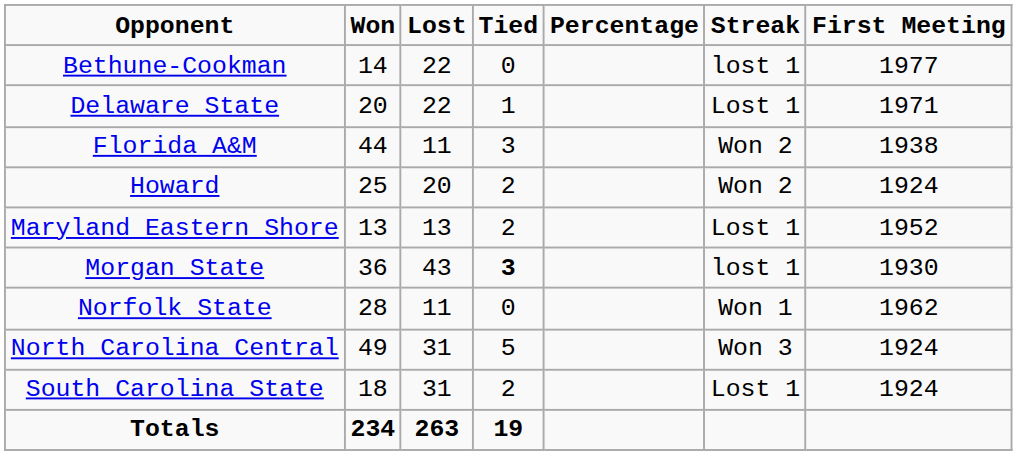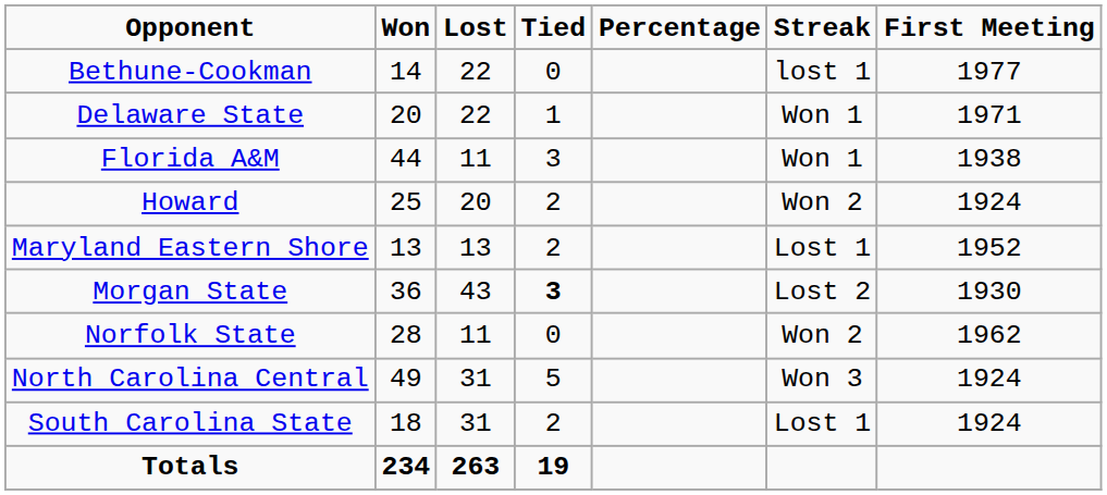 <table class="wikitable" style="text-align:center">
 <tr>
 <td><strong>Opponent</strong></td>
 <td><strong>Won</strong></td>
 <td><strong> Lost</strong></td>
 <td><strong>Tied</strong></td>
 <td><strong>Percentage</strong></td>
 <td><strong>Streak</strong></td>
 <td><strong>First Meeting</strong></td>
 </tr>
 <tr>
 <td><a href='#'>Bethune-Cookman</a></td>
 <td>14</td>
 <td>22</td>
 <td>0</td>
 <td></td>
 <td>lost 1</td>
 <td>1977</td>
 </tr>
 <tr>
 <td><a href='#'>Delaware State</a></td>
 <td>20</td>
 <td>22</td>
 <td>1</td>
 <td></td>
-<td>Lost 1</td>
+<td>Won 1</td>
 <td>1971</td>
 </tr>
 <tr>
 <td><a href='#'>Florida A&M</a></td>
 <td>44</td>
 <td>11</td>
 <td>3</td>
 <td></td>
-<td>Won 2</td>
+<td>Won 1</td>
 <td>1938</td>
 </tr>
 <tr>
 <td><a href='#'>Howard</a></td>
 <td>25</td>
 <td>20</td>
 <td>2</td>
 <td></td>
 <td>Won 2</td>
 <td>1924</td>
 </tr>
 <tr>
 <td><a href='#'>Maryland Eastern Shore</a></td>
 <td>13</td>
 <td>13</td>
 <td>2</td>
 <td></td>
 <td>Lost 1</td>
 <td>1952</td>
 </tr>
 <tr>
 <td><a href='#'>Morgan State</a></td>
 <td>36</td>
 <td>43</td>
 <td><strong>3</strong></td>
 <td></td>
-<td>lost 1</td>
+<td>Lost 2</td>
 <td>1930</td>
 </tr>
 <tr>
 <td><a href='#'>Norfolk State</a></td>
 <td>28</td>
 <td>11</td>
 <td>0</td>
 <td></td>
-<td>Won 1</td>
+<td>Won 2</td>
 <td>1962</td>
 </tr>
 <tr>
 <td><a href='#'>North Carolina Central</a></td>
 <td>49</td>
 <td>31</td>
 <td>5</td>
 <td></td>
 <td>Won 3</td>
 <td>1924</td>
 </tr>
 <tr>
 <td><a href='#'>South Carolina State</a></td>
 <td>18</td>
 <td>31</td>
 <td>2</td>
 <td></td>
 <td>Lost 1</td>
 <td>1924</td>
 </tr>
 <tr class="unsortable">
 <td><strong>Totals</strong></td>
 <td><strong>234</strong></td>
 <td><strong>263</strong></td>
 <td><strong>19</strong></td>
 <td><strong></strong></td>
 <td></td>
 <td></td>
 </tr>
 </table>
